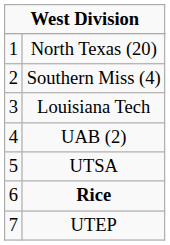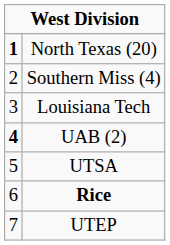 <table class="wikitable">
 <tr align="center">
 <td align="center" Colspan="2"><strong>West Division</strong></td>
 </tr>
 <tr align="center">
 </tr>
 <tr align="center">
-<td>1</td>
+<td><strong>1</strong></td>
 <td>North Texas (20)</td>
 </tr>
 <tr align="center">
 <td>2</td>
 <td>Southern Miss (4)</td>
 </tr>
 <tr align="center">
 <td>3</td>
 <td>Louisiana Tech</td>
 </tr>
 <tr align="center">
-<td>4</td>
+<td><strong>4</strong></td>
 <td>UAB (2)</td>
 </tr>
 <tr align="center">
 <td>5</td>
 <td>UTSA</td>
 </tr>
 <tr align="center">
 <td>6</td>
 <td><strong>Rice</strong></td>
 </tr>
 <tr align="center">
 <td>7</td>
 <td>UTEP</td>
 </tr>
 </table>
